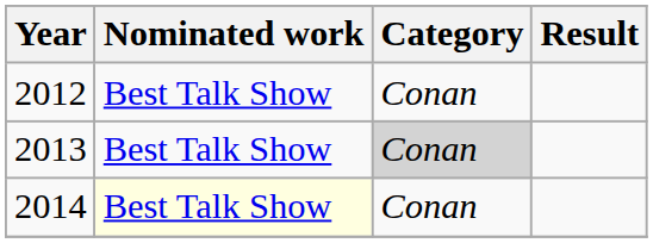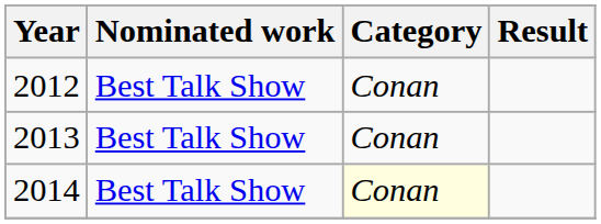 <table class="wikitable sortable">
 <tr>
 <th>Year</th>
 <th>Nominated work</th>
 <th>Category</th>
 <th>Result</th>
 </tr>
 <tr>
 <td>2012</td>
 <td><a href='#'>Best Talk Show</a></td>
 <td><em>Conan</em></td>
 <td></td>
 </tr>
 <tr>
 <td>2013</td>
 <td><a href='#'>Best Talk Show</a></td>
-<td style="background: lightgrey;"><em>Conan</em></td>
+<td><em>Conan</em></td>
 <td></td>
 </tr>
 <tr>
 <td>2014</td>
-<td style="background: lightyellow;"><a href='#'>Best Talk Show</a></td>
-<td><em>Conan</em></td>
+<td><a href='#'>Best Talk Show</a></td>
+<td style="background: lightyellow;"><em>Conan</em></td>
 <td></td>
 </tr>
 <tr>
 </tr>
 </table>
